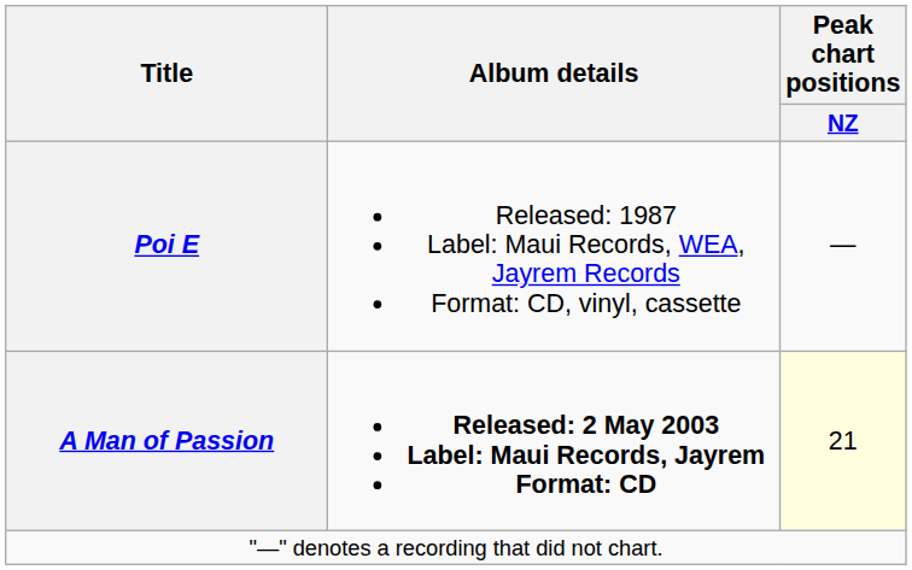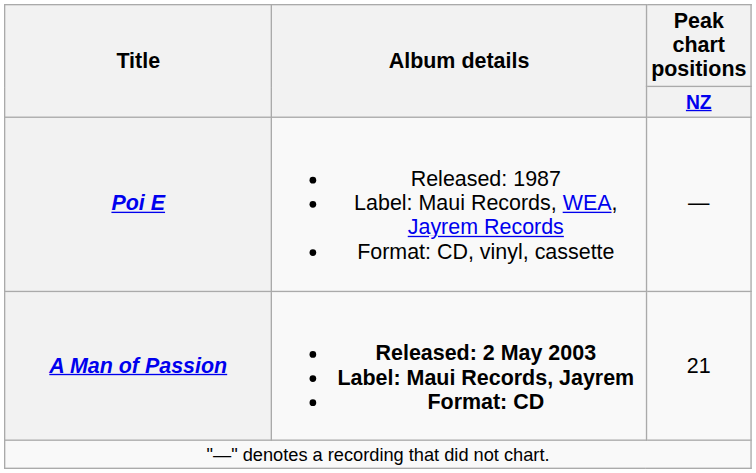 <table class="wikitable plainrowheaders" style="text-align:center;">
 <tr>
 <th scope="col" rowspan="2" style="width:12em;">Title</th>
 <th scope="col" rowspan="2" style="width:17em;">Album details</th>
 <th scope="col" colspan="1">Peak chart positions</th>
 </tr>
 <tr>
 <th scope="col" style="width:3em;font-size:90%;"><a href='#'>NZ</a><br></th>
 </tr>
 <tr>
 <th scope="row"><em><a href='#'>Poi E</a></em><br></th>
 <td><br><ul><li>Released: 1987</li><li>Label: Maui Records, <a href='#'>WEA</a>, <a href='#'>Jayrem Records</a></li><li>Format: CD, vinyl, cassette</li></ul></td>
 <td>—</td>
 </tr>
 <tr>
 <th scope="row"><em><a href='#'>A Man of Passion</a></em></th>
 <td><strong><br><ul><li>Released: 2 May 2003</li><li>Label: Maui Records, Jayrem</li><li>Format: CD</li></ul></strong></td>
-<td style="background: lightyellow;">21</td>
+<td>21</td>
 </tr>
 <tr>
 <td colspan="8" style="font-size:85%;">"—" denotes a recording that did not chart.</td>
 </tr>
 </table>
